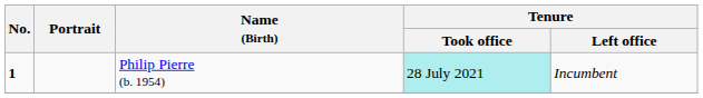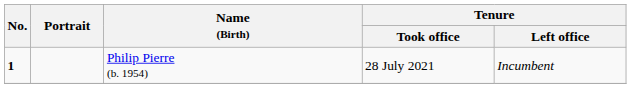 <table class="wikitable">
 <tr>
 <th scope="col" style="width:20px;" rowspan="2">No.</th>
 <th scope="col" style="width:80px;" rowspan="2">Portrait</th>
 <th scope="col" style="width:300px;" rowspan="2">Name<br><small>(Birth)</small></th>
 <th scope="col" style="width:300px;" colspan="2">Tenure</th>
 </tr>
 <tr>
 <th scope="col" style="width:150px;">Took office</th>
 <th scope="col" style="width:150px;">Left office</th>
 </tr>
 <tr>
 <td><strong>1</strong></td>
 <td style="text-align: center;"></td>
 <td><a href='#'>Philip Pierre</a><br><small>(b. 1954)</small></td>
-<td style="background: paleturquoise;">28 July 2021</td>
+<td>28 July 2021</td>
 <td><em>Incumbent</em></td>
 </tr>
 <tr>
 </tr>
 </table>
